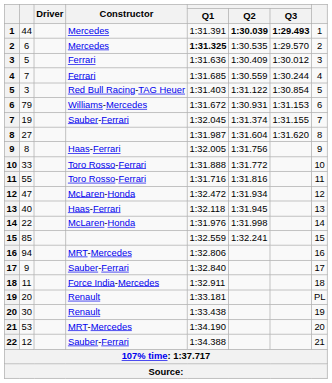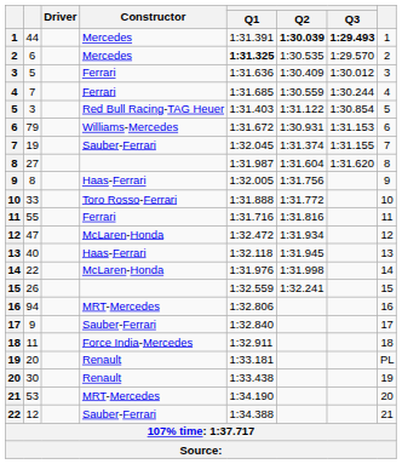 <table class="wikitable sortable" style="font-size: 85%;">
 <tr>
 <th rowspan="2"></th>
 <th rowspan="2"></th>
 <th rowspan="2">Driver</th>
 <th rowspan="2">Constructor</th>
 <th colspan="3"></th>
 <th rowspan="2"></th>
 </tr>
 <tr>
 <th>Q1</th>
 <th>Q2</th>
 <th>Q3</th>
 </tr>
 <tr>
 <th>1</th>
 <td align="center">44</td>
 <td data-sort-value="HAM"></td>
 <td><a href='#'>Mercedes</a></td>
 <td>1:31.391</td>
 <td><strong>1:30.039</strong></td>
 <td><strong>1:29.493</strong></td>
 <td align="center">1</td>
 </tr>
 <tr>
 <th>2</th>
 <td align="center">6</td>
 <td data-sort-value="ROS"></td>
 <td><a href='#'>Mercedes</a></td>
 <td><strong>1:31.325</strong></td>
 <td>1:30.535</td>
 <td>1:29.570</td>
 <td align="center">2</td>
 </tr>
 <tr>
 <th>3</th>
 <td align="center">5</td>
 <td data-sort-value="VET"></td>
 <td><a href='#'>Ferrari</a></td>
 <td>1:31.636</td>
 <td>1:30.409</td>
 <td>1:30.012</td>
 <td align="center">3</td>
 </tr>
 <tr>
 <th>4</th>
 <td align="center">7</td>
 <td data-sort-value="RAI"></td>
 <td><a href='#'>Ferrari</a></td>
 <td>1:31.685</td>
 <td>1:30.559</td>
 <td>1:30.244</td>
 <td align="center">4</td>
 </tr>
 <tr>
 <th>5</th>
 <td align="center">3</td>
 <td data-sort-value="RIC"></td>
 <td><a href='#'>Red Bull Racing</a>-<a href='#'>TAG Heuer</a></td>
 <td>1:31.403</td>
 <td>1:31.122</td>
 <td>1:30.854</td>
 <td align="center">5</td>
 </tr>
 <tr>
 <th>6</th>
 <td align="center">79</td>
 <td data-sort-value="BOT"></td>
 <td><a href='#'>Williams</a>-<a href='#'>Mercedes</a></td>
 <td>1:31.672</td>
 <td>1:30.931</td>
 <td>1:31.153</td>
 <td align="center">6</td>
 </tr>
 <tr>
 <th>7</th>
 <td align="center">19</td>
 <td data-sort-value="MAS"></td>
 <td><a href='#'>Sauber</a>-<a href='#'>Ferrari</a></td>
 <td>1:32.045</td>
 <td>1:31.374</td>
 <td>1:31.155</td>
 <td align="center">7</td>
 </tr>
 <tr>
 <th>8</th>
 <td align="center">27</td>
 <td data-sort-value="HUL"></td>
 <td></td>
 <td>1:31.987</td>
 <td>1:31.604</td>
 <td>1:31.620</td>
 <td align="center">8</td>
 </tr>
 <tr>
 <th>9</th>
 <td align="center">8</td>
 <td data-sort-value="GRO"></td>
 <td><a href='#'>Haas</a>-<a href='#'>Ferrari</a></td>
 <td>1:32.005</td>
 <td>1:31.756</td>
 <td></td>
 <td align="center">9</td>
 </tr>
 <tr>
 <th>10</th>
 <td align="center">33</td>
 <td data-sort-value="VER"></td>
 <td><a href='#'>Toro Rosso</a>-<a href='#'>Ferrari</a></td>
 <td>1:31.888</td>
 <td>1:31.772</td>
 <td></td>
 <td align="center">10</td>
 </tr>
 <tr>
 <th>11</th>
 <td align="center">55</td>
 <td data-sort-value="SAI"></td>
-<td><a href='#'>Toro Rosso</a>-<a href='#'>Ferrari</a></td>
+<td><a href='#'>Ferrari</a></td>
 <td>1:31.716</td>
 <td>1:31.816</td>
 <td></td>
 <td align="center">11</td>
 </tr>
 <tr>
 <th>12</th>
 <td align="center">47</td>
 <td data-sort-value="VAN"></td>
 <td><a href='#'>McLaren</a>-<a href='#'>Honda</a></td>
 <td>1:32.472</td>
 <td>1:31.934</td>
 <td></td>
 <td align="center">12</td>
 </tr>
 <tr>
 <th>13</th>
 <td align="center">40</td>
 <td data-sort-value="GUT"></td>
 <td><a href='#'>Haas</a>-<a href='#'>Ferrari</a></td>
 <td>1:32.118</td>
 <td>1:31.945</td>
 <td></td>
 <td align="center">13</td>
 </tr>
 <tr>
 <th>14</th>
 <td align="center">22</td>
 <td data-sort-value="BUT"></td>
 <td><a href='#'>McLaren</a>-<a href='#'>Honda</a></td>
 <td>1:31.976</td>
 <td>1:31.998</td>
 <td></td>
 <td align="center">14</td>
 </tr>
 <tr>
 <th>15</th>
-<td align="center">85</td>
+<td align="center">26</td>
 <td data-sort-value="KVY"></td>
 <td></td>
 <td>1:32.559</td>
 <td>1:32.241</td>
 <td></td>
 <td align="center">15</td>
 </tr>
 <tr>
 <th>16</th>
 <td align="center">94</td>
 <td data-sort-value="WEH"></td>
 <td><a href='#'>MRT</a>-<a href='#'>Mercedes</a></td>
 <td>1:32.806</td>
 <td></td>
 <td></td>
 <td align="center">16</td>
 </tr>
 <tr>
 <th>17</th>
 <td align="center">9</td>
 <td data-sort-value="ERI"></td>
 <td><a href='#'>Sauber</a>-<a href='#'>Ferrari</a></td>
 <td>1:32.840</td>
 <td></td>
 <td></td>
 <td align="center">17</td>
 </tr>
 <tr>
 <th>18</th>
 <td align="center">11</td>
 <td data-sort-value="PER"></td>
 <td><a href='#'>Force India</a>-<a href='#'>Mercedes</a></td>
 <td>1:32.911</td>
 <td></td>
 <td></td>
 <td align="center">18</td>
 </tr>
 <tr>
 <th>19</th>
 <td align="center">20</td>
 <td data-sort-value="MAG"></td>
 <td><a href='#'>Renault</a></td>
 <td>1:33.181</td>
 <td></td>
 <td></td>
 <td align="center">PL</td>
 </tr>
 <tr>
 <th>20</th>
 <td align="center">30</td>
 <td data-sort-value="PAL"></td>
 <td><a href='#'>Renault</a></td>
 <td>1:33.438</td>
 <td></td>
 <td></td>
 <td align="center">19</td>
 </tr>
 <tr>
 <th>21</th>
 <td align="center">53</td>
 <td data-sort-value="HAR"></td>
 <td><a href='#'>MRT</a>-<a href='#'>Mercedes</a></td>
 <td>1:34.190</td>
 <td></td>
 <td></td>
 <td align="center">20</td>
 </tr>
 <tr>
 <th>22</th>
 <td align="center">12</td>
 <td data-sort-value="NAS"></td>
 <td><a href='#'>Sauber</a>-<a href='#'>Ferrari</a></td>
 <td>1:34.388</td>
 <td></td>
 <td></td>
 <td align="center">21</td>
 </tr>
 <tr>
 <th colspan=8><a href='#'>107% time</a>: 1:37.717</th>
 </tr>
 <tr>
 <th colspan=8>Source:</th>
 </tr>
 </table>
